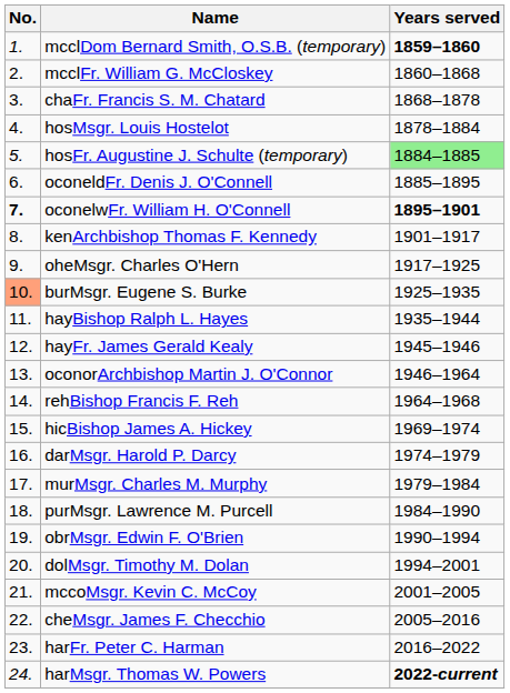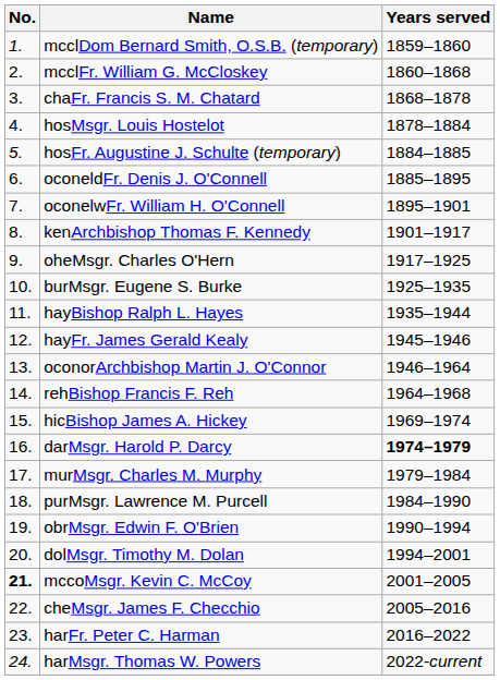 <table class="wikitable sortable">
 <tr>
 <th class="unsortable">No.</th>
 <th>Name</th>
 <th>Years served</th>
 </tr>
 <tr>
 <td><em>1.</em></td>
 <td><span>mccl</span><a href='#'>Dom Bernard Smith, O.S.B.</a> (<em>temporary</em>)</td>
-<td><strong>1859–1860</strong></td>
+<td>1859–1860</td>
 </tr>
 <tr>
 <td>2.</td>
 <td><span>mccl</span><a href='#'>Fr. William G. McCloskey</a></td>
 <td>1860–1868</td>
 </tr>
 <tr>
 <td>3.</td>
 <td><span>cha</span><a href='#'>Fr. Francis S. M. Chatard</a></td>
 <td>1868–1878</td>
 </tr>
 <tr>
 <td>4.</td>
 <td><span>hos</span><a href='#'>Msgr. Louis Hostelot</a></td>
 <td>1878–1884</td>
 </tr>
 <tr>
 <td><em>5.</em></td>
 <td><span>hos</span><a href='#'>Fr. Augustine J. Schulte</a> (<em>temporary</em>)</td>
-<td style="background: lightgreen;">1884–1885</td>
+<td>1884–1885</td>
 </tr>
 <tr>
 <td>6.</td>
 <td><span>oconeld</span><a href='#'>Fr. Denis J. O'Connell</a></td>
 <td>1885–1895</td>
 </tr>
 <tr>
-<td><strong>7.</strong></td>
+<td>7.</td>
 <td><span>oconelw</span><a href='#'>Fr. William H. O'Connell</a></td>
-<td><strong>1895–1901</strong></td>
+<td>1895–1901</td>
 </tr>
 <tr>
 <td>8.</td>
 <td><span>ken</span><a href='#'>Archbishop Thomas F. Kennedy</a></td>
 <td>1901–1917</td>
 </tr>
 <tr>
 <td>9.</td>
 <td><span>ohe</span>Msgr. Charles O'Hern</td>
 <td>1917–1925</td>
 </tr>
 <tr>
-<td style="background: lightsalmon;">10.</td>
+<td>10.</td>
 <td><span>bur</span>Msgr. Eugene S. Burke</td>
 <td>1925–1935</td>
 </tr>
 <tr>
 <td>11.</td>
 <td><span>hay</span><a href='#'>Bishop Ralph L. Hayes</a></td>
 <td>1935–1944</td>
 </tr>
 <tr>
 <td>12.</td>
 <td><span>hay</span><a href='#'>Fr. James Gerald Kealy</a></td>
 <td>1945–1946</td>
 </tr>
 <tr>
 <td>13.</td>
 <td><span>oconor</span><a href='#'>Archbishop Martin J. O'Connor</a></td>
 <td>1946–1964</td>
 </tr>
 <tr>
 <td>14.</td>
 <td><span>reh</span><a href='#'>Bishop Francis F. Reh</a></td>
 <td>1964–1968</td>
 </tr>
 <tr>
 <td>15.</td>
 <td><span>hic</span><a href='#'>Bishop James A. Hickey</a></td>
 <td>1969–1974</td>
 </tr>
 <tr>
 <td>16.</td>
 <td><span>dar</span><a href='#'>Msgr. Harold P. Darcy</a></td>
-<td>1974–1979</td>
+<td><strong>1974–1979</strong></td>
 </tr>
 <tr>
 <td>17.</td>
 <td><span>mur</span><a href='#'>Msgr. Charles M. Murphy</a></td>
 <td>1979–1984</td>
 </tr>
 <tr>
 <td>18.</td>
 <td><span>pur</span>Msgr. Lawrence M. Purcell</td>
 <td>1984–1990</td>
 </tr>
 <tr>
 <td>19.</td>
 <td><span>obr</span><a href='#'>Msgr. Edwin F. O'Brien</a></td>
 <td>1990–1994</td>
 </tr>
 <tr>
 <td>20.</td>
 <td><span>dol</span><a href='#'>Msgr. Timothy M. Dolan</a></td>
 <td>1994–2001</td>
 </tr>
 <tr>
-<td>21.</td>
+<td><strong>21.</strong></td>
 <td><span>mcco</span><a href='#'>Msgr. Kevin C. McCoy</a></td>
 <td>2001–2005</td>
 </tr>
 <tr>
 <td>22.</td>
 <td><span>che</span><a href='#'>Msgr. James F. Checchio</a></td>
 <td>2005–2016</td>
 </tr>
 <tr>
 <td>23.</td>
 <td><span>har</span><a href='#'>Fr. Peter C. Harman</a></td>
 <td>2016–2022</td>
 </tr>
 <tr>
 <td><em>24.</em></td>
 <td><span>har</span><a href='#'>Msgr. Thomas W. Powers</a></td>
-<td><strong>2022-<em>current</em></strong></td>
+<td>2022-<em>current</em></td>
 </tr>
 <tr>
 </tr>
 </table>
